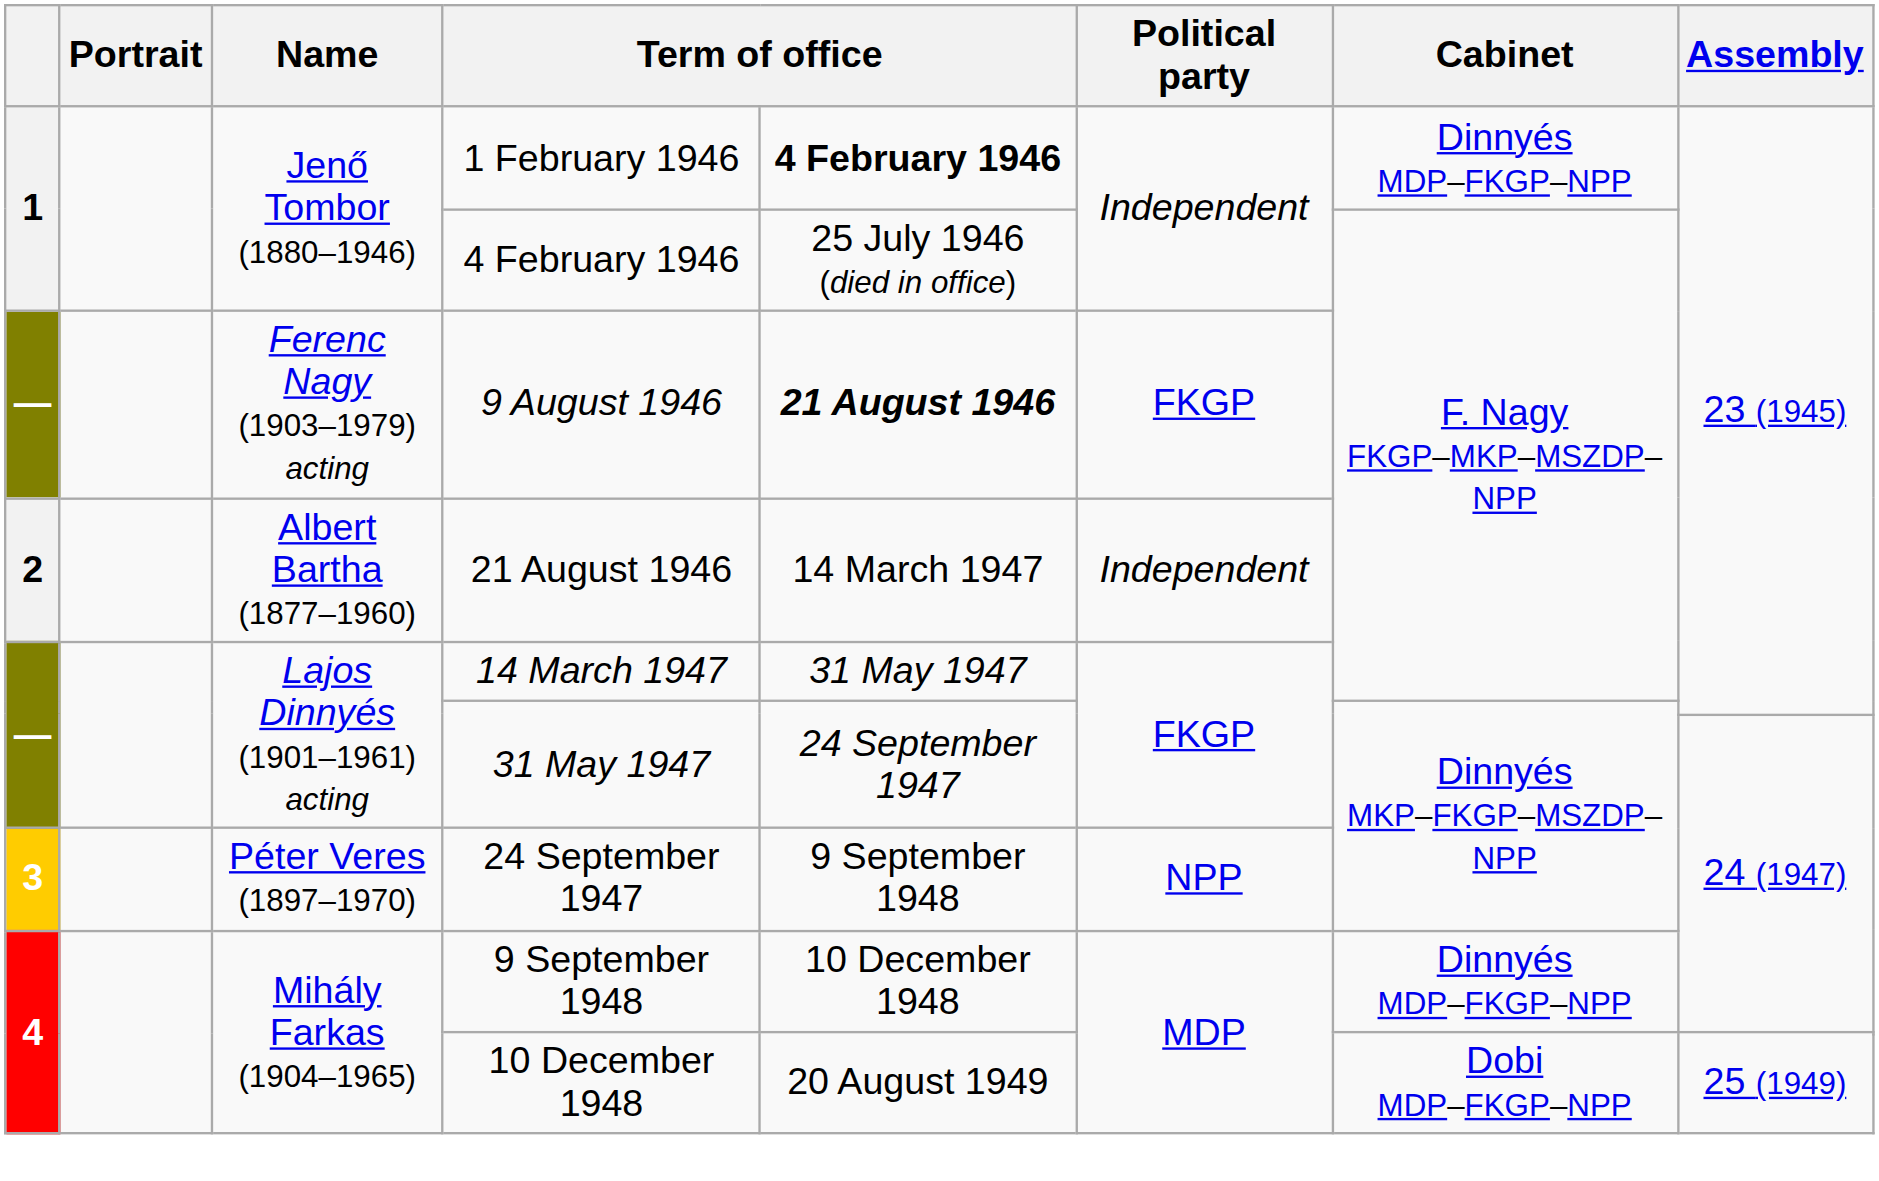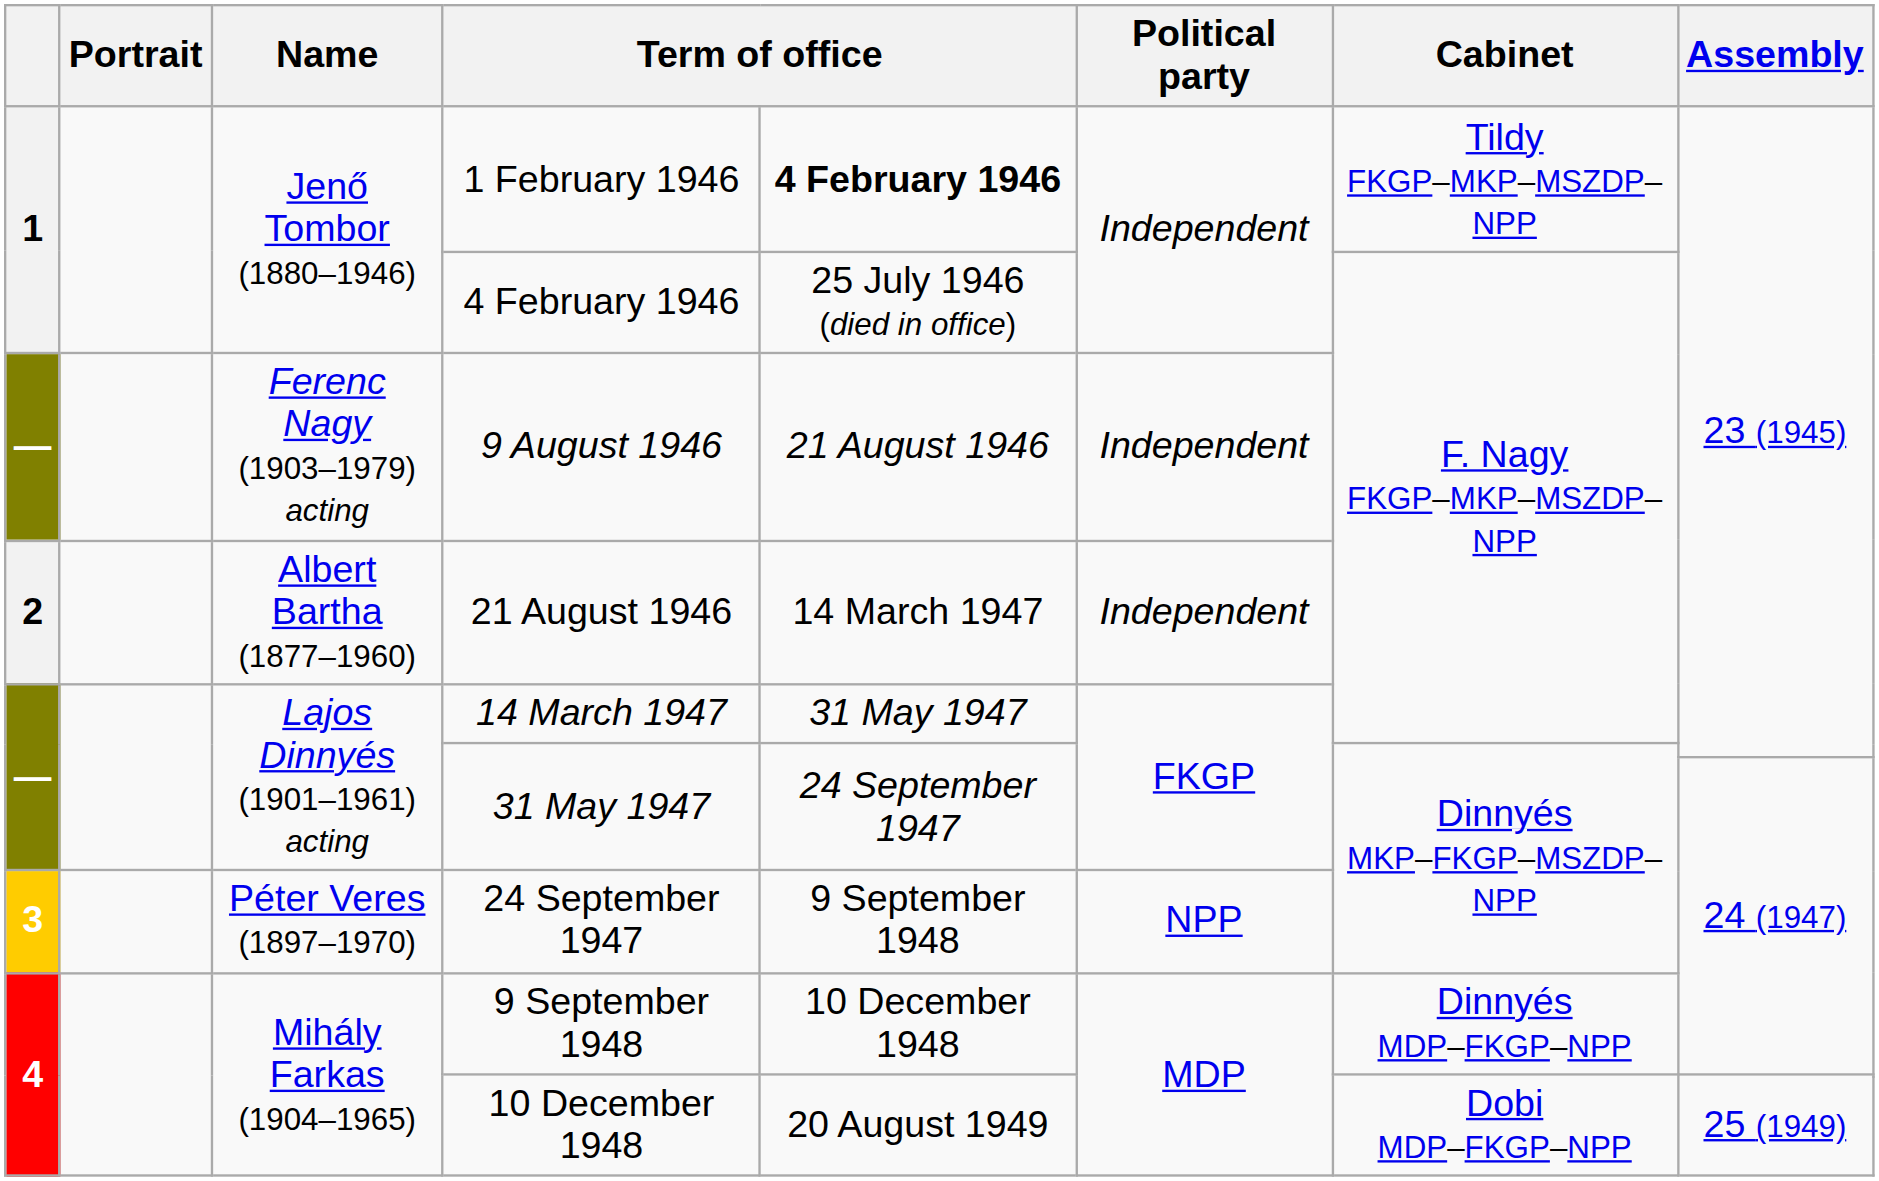 <table class="wikitable" style="width:90%; text-align:center;">
 <tr>
 <th></th>
 <th>Portrait</th>
 <th>Name<br></th>
 <th colspan=2>Term of office</th>
 <th>Political party</th>
 <th>Cabinet</th>
 <th><a href='#'>Assembly</a><br></th>
 </tr>
 <tr>
 <th rowspan="2" style="background:">1</th>
 <td rowspan="2"></td>
 <td rowspan="2"><a href='#'>Jenő Tombor</a><br><small>(1880–1946)</small></td>
 <td>1 February 1946</td>
 <td><strong>4 February 1946</strong></td>
 <td rowspan="2"><em>Independent</em></td>
-<td><a href='#'>Dinnyés</a><br><small><a href='#'>MDP</a>–<a href='#'>FKGP</a>–<a href='#'>NPP</a></small></td>
+<td><a href='#'>Tildy</a><br><small><a href='#'>FKGP</a>–<a href='#'>MKP</a>–<a href='#'>MSZDP</a>–<a href='#'>NPP</a></small></td>
 <td rowspan="6"><a href='#'>23 <small>(1945)</small></a></td>
 </tr>
 <tr>
 <td>4 February 1946</td>
 <td>25 July 1946<br><small>(<em>died in office</em>)</small></td>
 <td rowspan="4"><a href='#'>F. Nagy</a><br><small><a href='#'>FKGP</a>–<a href='#'>MKP</a>–<a href='#'>MSZDP</a>–<a href='#'>NPP</a></small></td>
 </tr>
 <tr>
 <th style="background-color:#808000; color:white">—</th>
 <td></td>
 <td><em><a href='#'>Ferenc Nagy</a></em><br><small>(1903–1979)<br><em>acting</em></small></td>
 <td><em>9 August 1946</em></td>
-<td><strong><em>21 August 1946</em></strong></td>
-<td><a href='#'>FKGP</a></td>
+<td><em>21 August 1946</em></td>
+<td><em>Independent</em></td>
 </tr>
 <tr>
 <th style="background:">2</th>
 <td></td>
 <td><a href='#'>Albert Bartha</a><br><small>(1877–1960)</small></td>
 <td>21 August 1946</td>
 <td>14 March 1947</td>
 <td><em>Independent</em></td>
 </tr>
 <tr>
 <th rowspan="3" style="background-color:#808000; color:white">—</th>
 <td rowspan="3"></td>
 <td rowspan="3"><em><a href='#'>Lajos Dinnyés</a></em><br><small>(1901–1961)<br><em>acting</em></small></td>
 <td rowspan="1"><em>14 March 1947</em></td>
 <td rowspan="1"><em>31 May 1947</em></td>
 <td rowspan="3"><a href='#'>FKGP</a></td>
 </tr>
 <tr>
 <td rowspan="2"><em>31 May 1947</em></td>
 <td rowspan="2"><em>24 September 1947</em></td>
 <td rowspan="3"><a href='#'>Dinnyés</a><br><small><a href='#'>MKP</a>–<a href='#'>FKGP</a>–<a href='#'>MSZDP</a>–<a href='#'>NPP</a></small></td>
 </tr>
 <tr>
 <td rowspan="4"><a href='#'>24 <small>(1947)</small></a></td>
 </tr>
 <tr>
 <th style="background-color:#FFCC00; color:white">3</th>
 <td></td>
 <td><a href='#'>Péter Veres</a><br><small>(1897–1970)</small></td>
 <td>24 September 1947</td>
 <td>9 September 1948</td>
 <td><a href='#'>NPP</a></td>
 </tr>
 <tr>
 <th rowspan="3" style="background-color:#FF0000; color:white">4</th>
 <td rowspan="3"></td>
 <td rowspan="3"><a href='#'>Mihály Farkas</a><br><small>(1904–1965)</small></td>
 <td>9 September 1948</td>
 <td>10 December 1948</td>
 <td rowspan="3"><a href='#'>MDP</a></td>
 <td><a href='#'>Dinnyés</a><br><small><a href='#'>MDP</a>–<a href='#'>FKGP</a>–<a href='#'>NPP</a></small></td>
 </tr>
 <tr>
 <td rowspan="2">10 December 1948</td>
 <td rowspan="2">20 August 1949</td>
 <td rowspan="2"><a href='#'>Dobi</a><br><small><a href='#'>MDP</a>–<a href='#'>FKGP</a>–<a href='#'>NPP</a></small></td>
 </tr>
 <tr>
 <td><a href='#'>25 <small>(1949)</small></a></td>
 </tr>
 </table>
